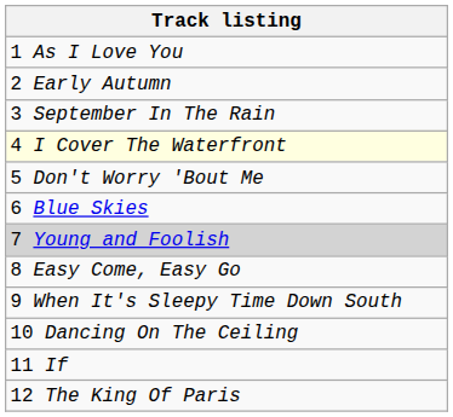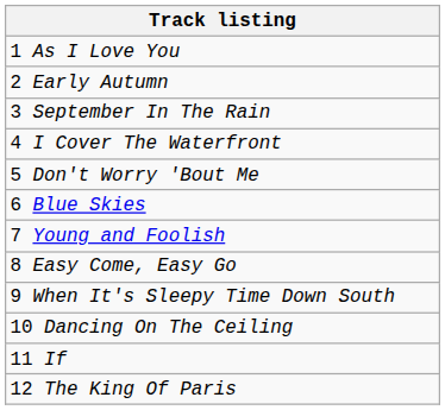 <table class="wikitable collapsible collapsed" style="width:300px;">
 <tr>
 <th>Track listing</th>
 </tr>
 <tr>
 <td>1 <em>As I Love You</em></td>
 </tr>
 <tr>
 <td>2  <em>Early Autumn</em></td>
 </tr>
 <tr>
 <td>3 <em>September In The Rain</em></td>
 </tr>
 <tr>
-<td style="background: lightyellow;">4 <em>I Cover The Waterfront</em></td>
+<td>4 <em>I Cover The Waterfront</em></td>
 </tr>
 <tr>
 <td>5 <em>Don't Worry 'Bout Me</em></td>
 </tr>
 <tr>
 <td>6 <em><a href='#'>Blue Skies</a></em></td>
 </tr>
 <tr>
-<td style="background: lightgrey;">7 <em><a href='#'>Young and Foolish</a></em></td>
+<td>7 <em><a href='#'>Young and Foolish</a></em></td>
 </tr>
 <tr>
 <td>8 <em>Easy Come, Easy Go</em></td>
 </tr>
 <tr>
 <td>9 <em>When It's Sleepy Time Down South</em></td>
 </tr>
 <tr>
 <td>10 <em>Dancing On The Ceiling</em></td>
 </tr>
 <tr>
 <td>11 <em>If</em></td>
 </tr>
 <tr>
 <td>12 <em>The King Of Paris</em></td>
 </tr>
 </table>
